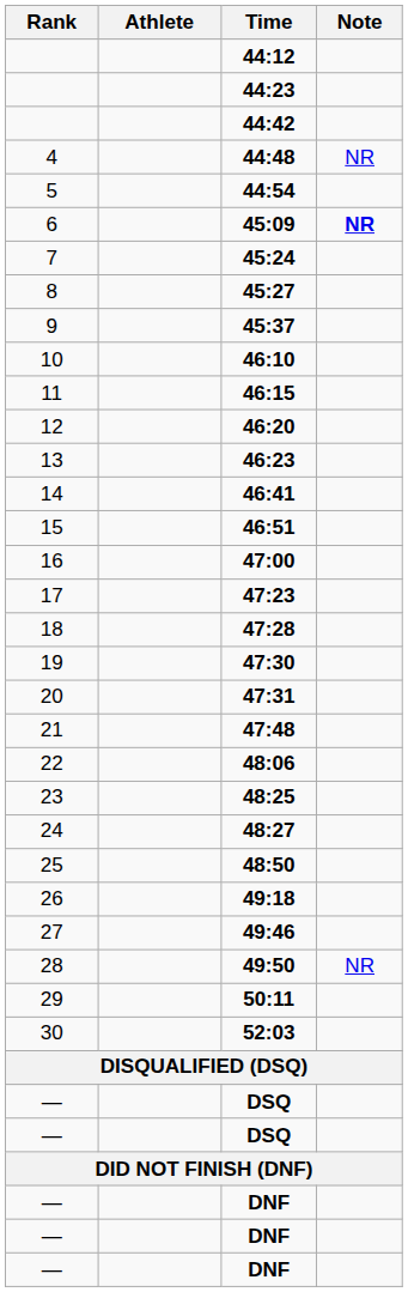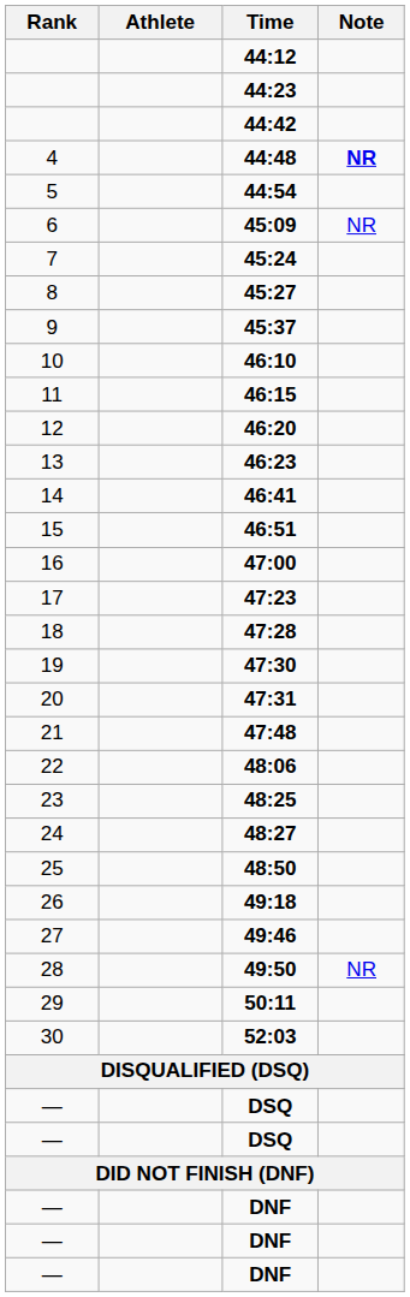 <table class="wikitable" style=" text-align:center; font-size:110%;" width="55%">
 <tr>
 <th>Rank</th>
 <th>Athlete</th>
 <th>Time</th>
 <th>Note</th>
 </tr>
 <tr>
 <td></td>
 <td align=left></td>
 <td><strong>44:12</strong></td>
 <td></td>
 </tr>
 <tr>
 <td></td>
 <td align=left></td>
 <td><strong>44:23</strong></td>
 <td></td>
 </tr>
 <tr>
 <td></td>
 <td align=left></td>
 <td><strong>44:42</strong></td>
 <td></td>
 </tr>
 <tr>
 <td>4</td>
 <td align=left></td>
 <td><strong>44:48</strong></td>
-<td><a href='#'>NR</a></td>
+<td><strong><a href='#'>NR</a></strong></td>
 </tr>
 <tr>
 <td>5</td>
 <td align=left></td>
 <td><strong>44:54</strong></td>
 <td></td>
 </tr>
 <tr>
 <td>6</td>
 <td align=left></td>
 <td><strong>45:09</strong></td>
-<td><strong><a href='#'>NR</a></strong></td>
+<td><a href='#'>NR</a></td>
 </tr>
 <tr>
 <td>7</td>
 <td align=left></td>
 <td><strong>45:24</strong></td>
 <td></td>
 </tr>
 <tr>
 <td>8</td>
 <td align=left></td>
 <td><strong>45:27</strong></td>
 <td></td>
 </tr>
 <tr>
 <td>9</td>
 <td align=left></td>
 <td><strong>45:37</strong></td>
 <td></td>
 </tr>
 <tr>
 <td>10</td>
 <td align=left></td>
 <td><strong>46:10</strong></td>
 <td></td>
 </tr>
 <tr>
 <td>11</td>
 <td align=left></td>
 <td><strong>46:15</strong></td>
 <td></td>
 </tr>
 <tr>
 <td>12</td>
 <td align=left></td>
 <td><strong>46:20</strong></td>
 <td></td>
 </tr>
 <tr>
 <td>13</td>
 <td align=left></td>
 <td><strong>46:23</strong></td>
 <td></td>
 </tr>
 <tr>
 <td>14</td>
 <td align=left></td>
 <td><strong>46:41</strong></td>
 <td></td>
 </tr>
 <tr>
 <td>15</td>
 <td align=left></td>
 <td><strong>46:51</strong></td>
 <td></td>
 </tr>
 <tr>
 <td>16</td>
 <td align=left></td>
 <td><strong>47:00</strong></td>
 <td></td>
 </tr>
 <tr>
 <td>17</td>
 <td align=left></td>
 <td><strong>47:23</strong></td>
 <td></td>
 </tr>
 <tr>
 <td>18</td>
 <td align=left></td>
 <td><strong>47:28</strong></td>
 <td></td>
 </tr>
 <tr>
 <td>19</td>
 <td align=left></td>
 <td><strong>47:30</strong></td>
 <td></td>
 </tr>
 <tr>
 <td>20</td>
 <td align=left></td>
 <td><strong>47:31</strong></td>
 <td></td>
 </tr>
 <tr>
 <td>21</td>
 <td align=left></td>
 <td><strong>47:48</strong></td>
 <td></td>
 </tr>
 <tr>
 <td>22</td>
 <td align=left></td>
 <td><strong>48:06</strong></td>
 <td></td>
 </tr>
 <tr>
 <td>23</td>
 <td align=left></td>
 <td><strong>48:25</strong></td>
 <td></td>
 </tr>
 <tr>
 <td>24</td>
 <td align=left></td>
 <td><strong>48:27</strong></td>
 <td></td>
 </tr>
 <tr>
 <td>25</td>
 <td align=left></td>
 <td><strong>48:50</strong></td>
 <td></td>
 </tr>
 <tr>
 <td>26</td>
 <td align=left></td>
 <td><strong>49:18</strong></td>
 <td></td>
 </tr>
 <tr>
 <td>27</td>
 <td align=left></td>
 <td><strong>49:46</strong></td>
 <td></td>
 </tr>
 <tr>
 <td>28</td>
 <td align=left></td>
 <td><strong>49:50</strong></td>
 <td><a href='#'>NR</a></td>
 </tr>
 <tr>
 <td>29</td>
 <td align=left></td>
 <td><strong>50:11</strong></td>
 <td></td>
 </tr>
 <tr>
 <td>30</td>
 <td align=left></td>
 <td><strong>52:03</strong></td>
 <td></td>
 </tr>
 <tr>
 <th colspan="4">DISQUALIFIED (DSQ)</th>
 </tr>
 <tr>
 <td>—</td>
 <td align=left></td>
 <td><strong>DSQ</strong></td>
 <td></td>
 </tr>
 <tr>
 <td>—</td>
 <td align=left></td>
 <td><strong>DSQ</strong></td>
 <td></td>
 </tr>
 <tr>
 <th colspan="4">DID NOT FINISH (DNF)</th>
 </tr>
 <tr>
 <td>—</td>
 <td align=left></td>
 <td><strong>DNF</strong></td>
 <td></td>
 </tr>
 <tr>
 <td>—</td>
 <td align=left></td>
 <td><strong>DNF</strong></td>
 <td></td>
 </tr>
 <tr>
 <td>—</td>
 <td align=left></td>
 <td><strong>DNF</strong></td>
 <td></td>
 </tr>
 </table>
